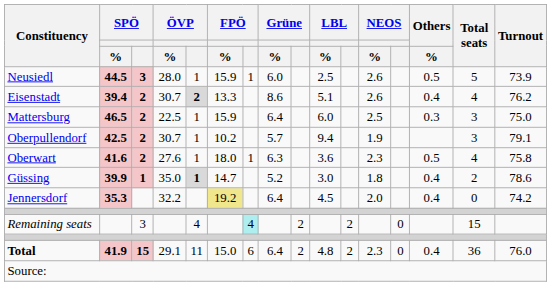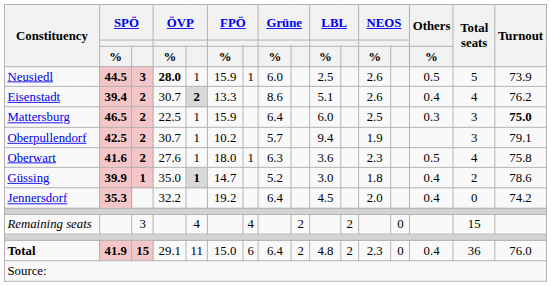 <table class="wikitable" style="text-align:center;font-size:90%;line-height:16px">
 <tr style="height:40px;">
 <th style="width:100px;" rowspan="3">Constituency</th>
 <th style="width:60px;" colspan="2"><a href='#'>SPÖ</a></th>
 <th style="width:60px;" colspan="2"><a href='#'>ÖVP</a></th>
 <th style="width:60px;" colspan="2"><a href='#'>FPÖ</a></th>
 <th style="width:60px;" colspan="2"><a href='#'>Grüne</a></th>
 <th style="width:60px;" colspan="2"><a href='#'>LBL</a></th>
 <th style="width:60px;" colspan="2"><a href='#'>NEOS</a></th>
 <th class="unsortable" style="width:40px;" rowspan="2">Others</th>
 <th class="unsortable" style="width:40px;" rowspan="3">Total<br>seats</th>
 <th class="unsortable" style="width:40px;" rowspan="3">Turnout</th>
 </tr>
 <tr>
 <th colspan="2" style="background:"></th>
 <th colspan="2" style="background:"></th>
 <th colspan="2" style="background:"></th>
 <th colspan="2" style="background:"></th>
 <th colspan="2" style="background:"></th>
 <th colspan="2" style="background:"></th>
 </tr>
 <tr>
 <th class=unsortable>%</th>
 <th class=unsortable></th>
 <th class=unsortable>%</th>
 <th class=unsortable></th>
 <th class=unsortable>%</th>
 <th class=unsortable></th>
 <th class=unsortable>%</th>
 <th class=unsortable></th>
 <th class=unsortable>%</th>
 <th class=unsortable></th>
 <th class=unsortable>%</th>
 <th class=unsortable></th>
 <th class=unsortable>%</th>
 </tr>
 <tr>
 <td align=left><a href='#'>Neusiedl</a></td>
 <td bgcolor=#F4C6C9><strong>44.5</strong></td>
 <td bgcolor=#F4C6C9><strong>3</strong></td>
-<td>28.0</td>
+<td><strong>28.0</strong></td>
 <td>1</td>
 <td>15.9</td>
 <td>1</td>
 <td>6.0</td>
 <td></td>
 <td>2.5</td>
 <td></td>
 <td>2.6</td>
 <td></td>
 <td>0.5</td>
 <td>5</td>
 <td>73.9</td>
 </tr>
 <tr>
 <td align=left><a href='#'>Eisenstadt</a></td>
 <td bgcolor=#F4C6C9><strong>39.4</strong></td>
 <td bgcolor=#F4C6C9><strong>2</strong></td>
 <td>30.7</td>
 <td bgcolor=#D9D9D9><strong>2</strong></td>
 <td>13.3</td>
 <td></td>
 <td>8.6</td>
 <td></td>
 <td>5.1</td>
 <td></td>
 <td>2.6</td>
 <td></td>
 <td>0.4</td>
 <td>4</td>
 <td>76.2</td>
 </tr>
 <tr>
 <td align=left><a href='#'>Mattersburg</a></td>
 <td bgcolor=#F4C6C9><strong>46.5</strong></td>
 <td bgcolor=#F4C6C9><strong>2</strong></td>
 <td>22.5</td>
 <td>1</td>
 <td>15.9</td>
 <td></td>
 <td>6.4</td>
 <td></td>
 <td>6.0</td>
 <td></td>
 <td>2.5</td>
 <td></td>
 <td>0.3</td>
 <td>3</td>
-<td>75.0</td>
+<td><strong>75.0</strong></td>
 </tr>
 <tr>
 <td align=left><a href='#'>Oberpullendorf</a></td>
 <td bgcolor=#F4C6C9><strong>42.5</strong></td>
 <td bgcolor=#F4C6C9><strong>2</strong></td>
 <td>30.7</td>
 <td>1</td>
 <td>10.2</td>
 <td></td>
 <td>5.7</td>
 <td></td>
 <td>9.4</td>
 <td></td>
 <td>1.9</td>
 <td></td>
 <td></td>
 <td>3</td>
 <td>79.1</td>
 </tr>
 <tr>
 <td align=left><a href='#'>Oberwart</a></td>
 <td bgcolor=#F4C6C9><strong>41.6</strong></td>
 <td bgcolor=#F4C6C9><strong>2</strong></td>
 <td>27.6</td>
 <td>1</td>
 <td>18.0</td>
 <td>1</td>
 <td>6.3</td>
 <td></td>
 <td>3.6</td>
 <td></td>
 <td>2.3</td>
 <td></td>
 <td>0.5</td>
 <td>4</td>
 <td>75.8</td>
 </tr>
 <tr>
 <td align=left><a href='#'>Güssing</a></td>
 <td bgcolor=#F4C6C9><strong>39.9</strong></td>
 <td bgcolor=#F4C6C9><strong>1</strong></td>
 <td>35.0</td>
 <td bgcolor=#D9D9D9><strong>1</strong></td>
 <td>14.7</td>
 <td></td>
 <td>5.2</td>
 <td></td>
 <td>3.0</td>
 <td></td>
 <td>1.8</td>
 <td></td>
 <td>0.4</td>
 <td>2</td>
 <td>78.6</td>
 </tr>
 <tr>
 <td align=left><a href='#'>Jennersdorf</a></td>
 <td bgcolor=#F4C6C9><strong>35.3</strong></td>
 <td></td>
 <td>32.2</td>
 <td></td>
-<td style="background: khaki;">19.2</td>
+<td>19.2</td>
 <td></td>
 <td>6.4</td>
 <td></td>
 <td>4.5</td>
 <td></td>
 <td>2.0</td>
 <td></td>
 <td>0.4</td>
 <td>0</td>
 <td>74.2</td>
 </tr>
 <tr>
 <td colspan=16 bgcolor=lightgrey></td>
 </tr>
 <tr>
 <td align=left><em>Remaining seats</em></td>
 <td></td>
 <td>3</td>
 <td></td>
 <td>4</td>
 <td></td>
-<td style="background: paleturquoise;">4</td>
+<td>4</td>
 <td></td>
 <td>2</td>
 <td></td>
 <td>2</td>
 <td></td>
 <td>0</td>
 <td></td>
 <td>15</td>
 <td></td>
 </tr>
 <tr>
 <td colspan=16 bgcolor=lightgrey></td>
 </tr>
 <tr>
 <td align=left><strong>Total</strong></td>
 <td bgcolor=#F4C6C9><strong>41.9</strong></td>
 <td bgcolor=#F4C6C9><strong>15</strong></td>
 <td>29.1</td>
 <td>11</td>
 <td>15.0</td>
 <td>6</td>
 <td>6.4</td>
 <td>2</td>
 <td>4.8</td>
 <td>2</td>
 <td>2.3</td>
 <td>0</td>
 <td>0.4</td>
 <td>36</td>
 <td>76.0</td>
 </tr>
 <tr class=sortbottom>
 <td colspan=16 align=left>Source: </td>
 </tr>
 </table>
